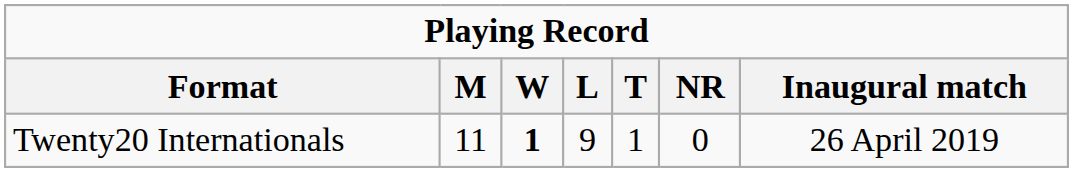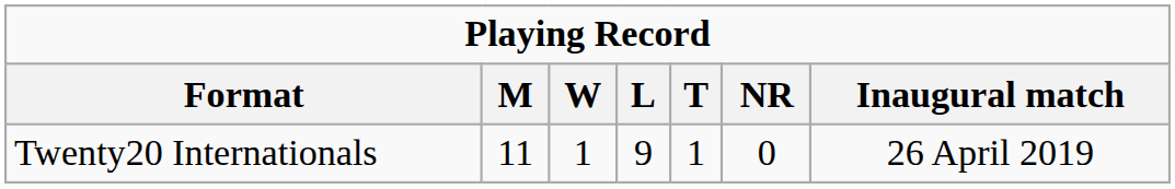 <table class="wikitable" style="text-align: center; width: 500px;">
 <tr>
 <td colspan=7 align="center"><strong>Playing Record</strong></td>
 </tr>
 <tr>
 <th>Format</th>
 <th>M</th>
 <th>W</th>
 <th>L</th>
 <th>T</th>
 <th>NR</th>
 <th>Inaugural match</th>
 </tr>
 <tr>
 <td align="left">Twenty20 Internationals</td>
 <td>11</td>
-<td><strong>1</strong></td>
+<td>1</td>
 <td>9</td>
 <td>1</td>
 <td>0</td>
 <td>26 April 2019</td>
 </tr>
 </table>
